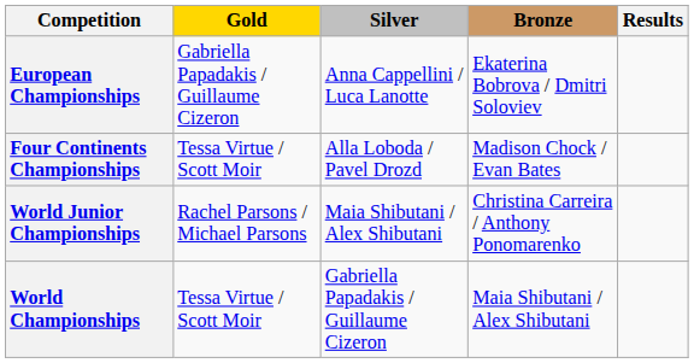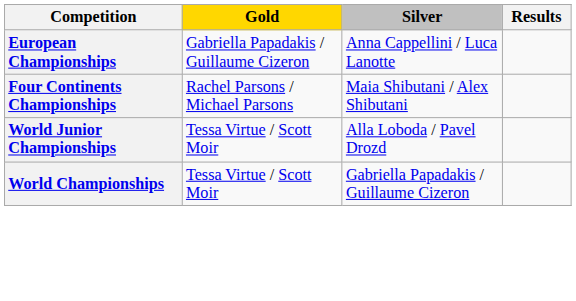 <table class="wikitable unsortable" style="text-align:left; width:90%">
 <tr>
 <th scope="col" style="text-align:center; width:25%;">Competition</th>
 <td scope="col" style="text-align:center; width:22.5%; background:gold"><strong>Gold</strong></td>
 <td scope="col" style="text-align:center; width:22.5%; background:silver"><strong>Silver</strong></td>
-<td scope="col" style="text-align:center; width:22.5%; background:#c96"><strong>Bronze</strong></td>
 <th scope="col" style="text-align:center; width:7.5%;">Results</th>
 </tr>
 <tr>
 <th scope="row" style="text-align:left"> <a href='#'>European Championships</a></th>
 <td> <a href='#'>Gabriella Papadakis</a> / <a href='#'>Guillaume Cizeron</a></td>
 <td> <a href='#'>Anna Cappellini</a> / <a href='#'>Luca Lanotte</a></td>
-<td> <a href='#'>Ekaterina Bobrova</a> / <a href='#'>Dmitri Soloviev</a></td>
 <td></td>
 </tr>
 <tr>
 <th scope="row" style="text-align:left"> <a href='#'>Four Continents Championships</a></th>
-<td> <a href='#'>Tessa Virtue</a> / <a href='#'>Scott Moir</a></td>
-<td> <a href='#'>Alla Loboda</a> / <a href='#'>Pavel Drozd</a></td>
-<td> <a href='#'>Madison Chock</a> / <a href='#'>Evan Bates</a></td>
+<td> <a href='#'>Rachel Parsons</a> / <a href='#'>Michael Parsons</a></td>
+<td> <a href='#'>Maia Shibutani</a> / <a href='#'>Alex Shibutani</a></td>
 <td></td>
 </tr>
 <tr>
 <th scope="row" style="text-align:left"> <a href='#'>World Junior Championships</a></th>
-<td> <a href='#'>Rachel Parsons</a> / <a href='#'>Michael Parsons</a></td>
-<td> <a href='#'>Maia Shibutani</a> / <a href='#'>Alex Shibutani</a></td>
-<td> <a href='#'>Christina Carreira</a> / <a href='#'>Anthony Ponomarenko</a></td>
+<td> <a href='#'>Tessa Virtue</a> / <a href='#'>Scott Moir</a></td>
+<td> <a href='#'>Alla Loboda</a> / <a href='#'>Pavel Drozd</a></td>
 <td></td>
 </tr>
 <tr>
 <th scope="row" style="text-align:left"> <a href='#'>World Championships</a></th>
 <td> <a href='#'>Tessa Virtue</a> / <a href='#'>Scott Moir</a></td>
 <td> <a href='#'>Gabriella Papadakis</a> / <a href='#'>Guillaume Cizeron</a></td>
-<td> <a href='#'>Maia Shibutani</a> / <a href='#'>Alex Shibutani</a></td>
 <td></td>
 </tr>
 </table>
